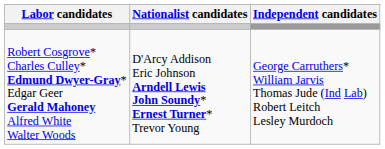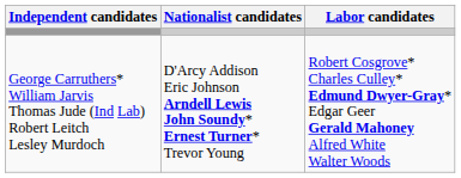 <table class="wikitable">
 <tr>
+<th><a href='#'>Independent</a> candidates</th>
+<th><a href='#'>Nationalist</a> candidates</th>
 <th><a href='#'>Labor</a> candidates</th>
-<th><a href='#'>Nationalist</a> candidates</th>
-<th><a href='#'>Independent</a> candidates</th>
 </tr>
 <tr bgcolor="#cccccc">
+<td bgcolor="#999999"></td>
 <td></td>
 <td></td>
-<td bgcolor="#999999"></td>
 </tr>
 <tr>
+<td><br><a href='#'>George Carruthers</a>*<br> <a href='#'>William Jarvis</a><br> Thomas Jude (<a href='#'>Ind</a> <a href='#'>Lab</a>)<br> Robert Leitch<br> Lesley Murdoch</td>
+<td><br>D'Arcy Addison<br> Eric Johnson<br> <strong><a href='#'>Arndell Lewis</a></strong><br> <strong><a href='#'>John Soundy</a></strong>*<br> <strong><a href='#'>Ernest Turner</a></strong>*<br> Trevor Young</td>
 <td><br><a href='#'>Robert Cosgrove</a>*<br> <a href='#'>Charles Culley</a>*<br> <strong><a href='#'>Edmund Dwyer-Gray</a></strong>*<br> Edgar Geer<br> <strong><a href='#'>Gerald Mahoney</a></strong><br> <a href='#'>Alfred White</a><br> <a href='#'>Walter Woods</a></td>
-<td><br>D'Arcy Addison<br> Eric Johnson<br> <strong><a href='#'>Arndell Lewis</a></strong><br> <strong><a href='#'>John Soundy</a></strong>*<br> <strong><a href='#'>Ernest Turner</a></strong>*<br> Trevor Young</td>
-<td><br><a href='#'>George Carruthers</a>*<br> <a href='#'>William Jarvis</a><br> Thomas Jude (<a href='#'>Ind</a> <a href='#'>Lab</a>)<br> Robert Leitch<br> Lesley Murdoch</td>
 </tr>
 </table>
